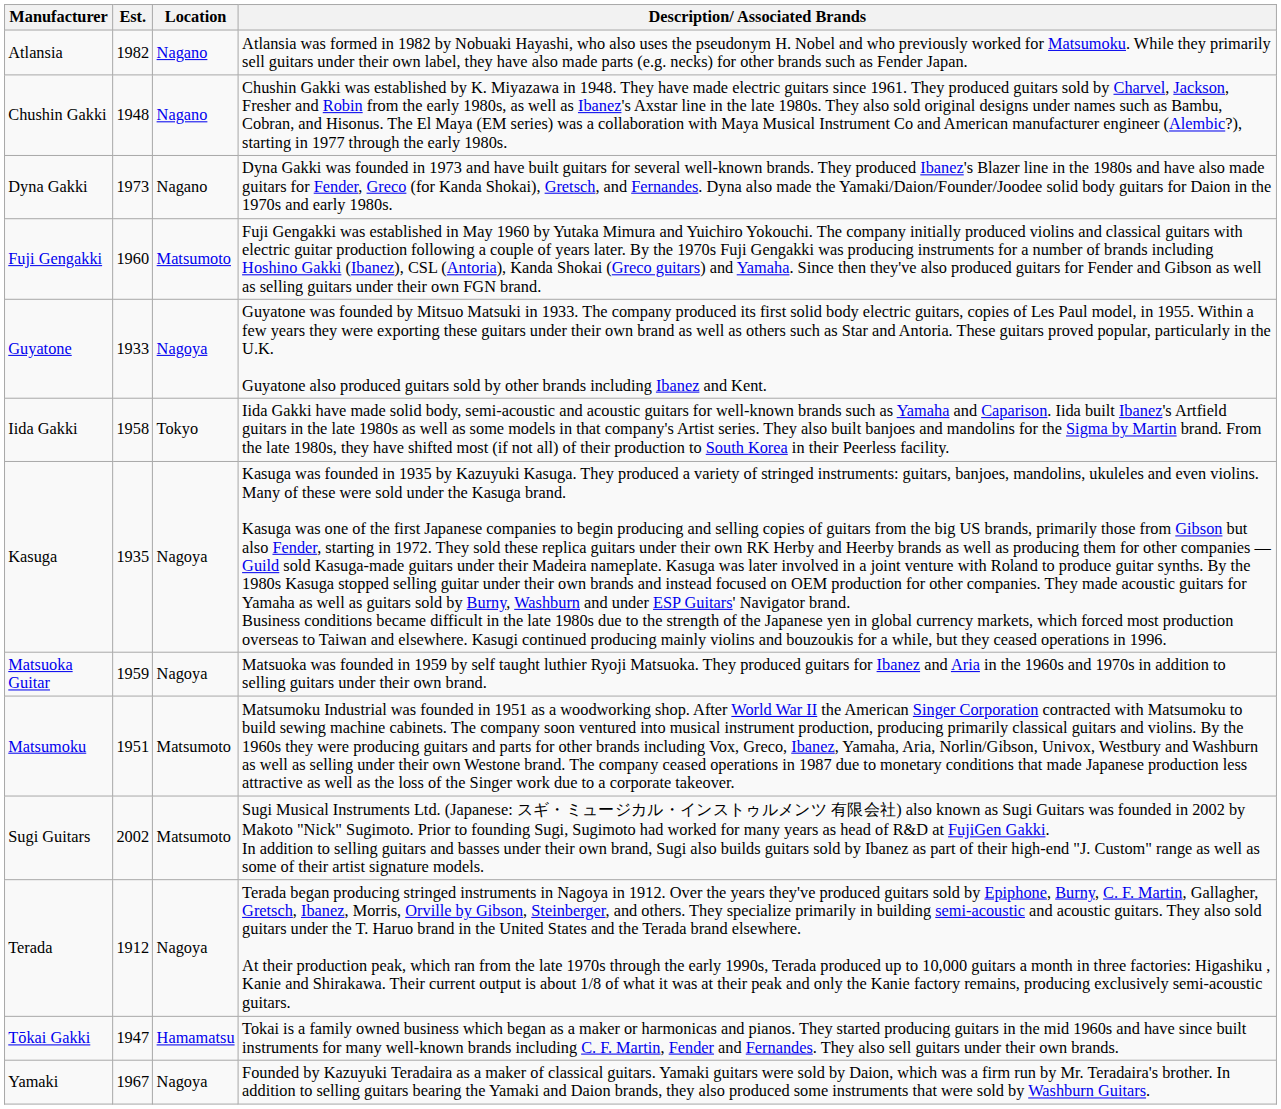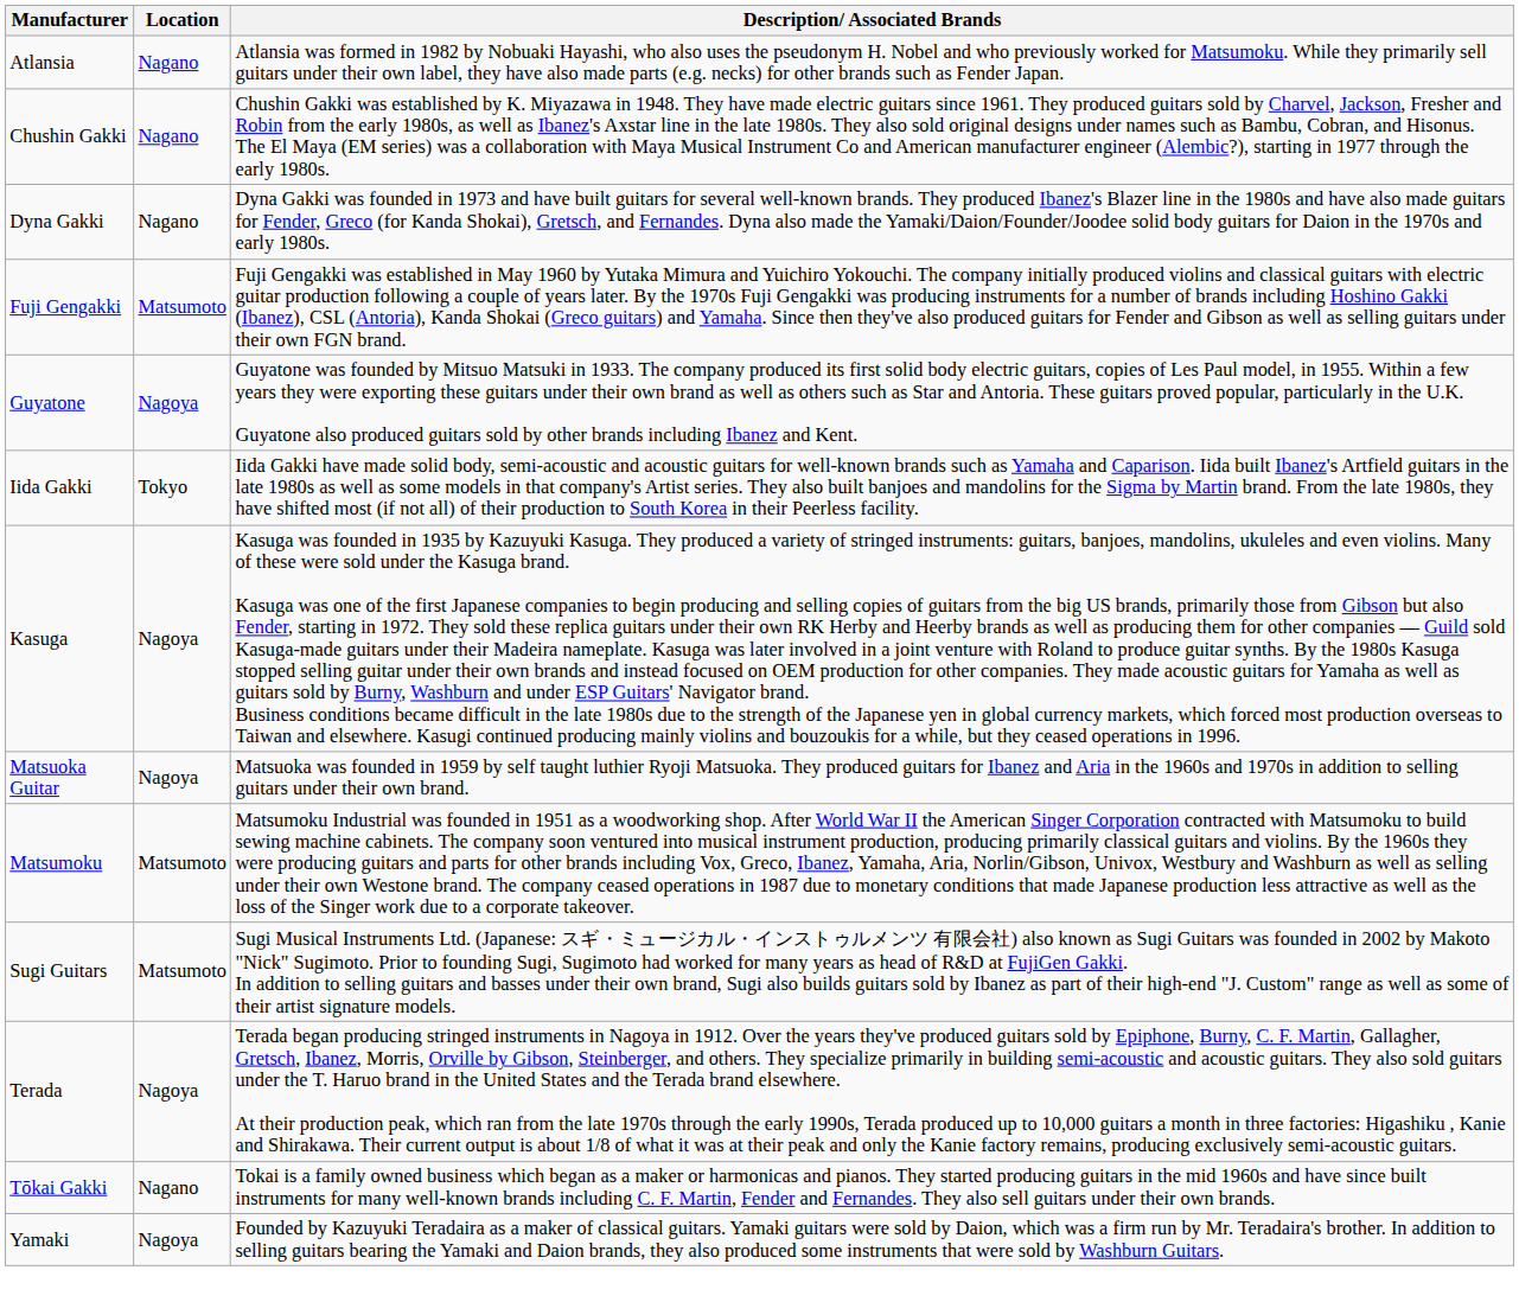 <table class="wikitable">
 <tr>
 <th>Manufacturer</th>
-<th>Est.</th>
 <th>Location</th>
 <th>Description/ Associated Brands</th>
 </tr>
 <tr>
 <td>Atlansia</td>
-<td>1982</td>
 <td><a href='#'>Nagano</a></td>
 <td>Atlansia was formed in 1982 by Nobuaki Hayashi, who also uses the pseudonym H. Nobel and who previously worked for <a href='#'>Matsumoku</a>. While they primarily sell guitars under their own label, they have also made parts (e.g. necks) for other brands such as Fender Japan.</td>
 </tr>
 <tr>
 <td>Chushin Gakki</td>
-<td>1948</td>
 <td><a href='#'>Nagano</a></td>
 <td>Chushin Gakki was established by K. Miyazawa in 1948. They have made electric guitars since 1961. They produced guitars sold by <a href='#'>Charvel</a>, <a href='#'>Jackson</a>, Fresher and <a href='#'>Robin</a> from the early 1980s, as well as <a href='#'>Ibanez</a>'s Axstar line in the late 1980s. They also sold original designs under names such as Bambu, Cobran, and Hisonus. The El Maya (EM series) was a collaboration with Maya Musical Instrument Co and American manufacturer engineer (<a href='#'>Alembic</a>?), starting in 1977 through the early 1980s.</td>
 </tr>
 <tr>
 <td>Dyna Gakki</td>
-<td>1973</td>
 <td>Nagano</td>
 <td>Dyna Gakki was founded in 1973 and have built guitars for several well-known brands. They produced <a href='#'>Ibanez</a>'s Blazer line in the 1980s and have also made guitars for <a href='#'>Fender</a>, <a href='#'>Greco</a> (for Kanda Shokai), <a href='#'>Gretsch</a>, and <a href='#'>Fernandes</a>. Dyna also made the Yamaki/Daion/Founder/Joodee solid body guitars for Daion in the 1970s and early 1980s.</td>
 </tr>
 <tr>
 <td><a href='#'>Fuji Gengakki</a></td>
-<td>1960</td>
 <td><a href='#'>Matsumoto</a></td>
 <td>Fuji Gengakki was established in May 1960 by Yutaka Mimura and Yuichiro Yokouchi. The company initially produced violins and classical guitars with electric guitar production following a couple of years later. By the 1970s Fuji Gengakki was producing instruments for a number of brands including <a href='#'>Hoshino Gakki</a> (<a href='#'>Ibanez</a>), CSL (<a href='#'>Antoria</a>), Kanda Shokai (<a href='#'>Greco guitars</a>) and <a href='#'>Yamaha</a>. Since then they've also produced guitars for Fender and Gibson as well as selling guitars under their own FGN brand.</td>
 </tr>
 <tr>
 <td><a href='#'>Guyatone</a></td>
-<td>1933</td>
 <td><a href='#'>Nagoya</a></td>
 <td>Guyatone was founded by Mitsuo Matsuki in 1933. The company produced its first solid body electric guitars, copies of Les Paul model, in 1955. Within a few years they were exporting these guitars under their own brand as well as others such as Star and Antoria. These guitars proved popular, particularly in the U.K.<br><br>Guyatone also produced guitars sold by other brands including <a href='#'>Ibanez</a> and Kent.</td>
 </tr>
 <tr>
 <td>Iida Gakki</td>
-<td>1958</td>
 <td>Tokyo</td>
 <td>Iida Gakki have made solid body, semi-acoustic and acoustic guitars for well-known brands such as <a href='#'>Yamaha</a> and <a href='#'>Caparison</a>. Iida built <a href='#'>Ibanez</a>'s Artfield guitars in the late 1980s as well as some models in that company's Artist series. They also built banjoes and mandolins for the <a href='#'>Sigma by Martin</a> brand. From the late 1980s, they have shifted most (if not all) of their production to <a href='#'>South Korea</a> in their Peerless facility.</td>
 </tr>
 <tr>
 <td>Kasuga</td>
-<td>1935</td>
 <td>Nagoya</td>
 <td>Kasuga was founded in 1935 by Kazuyuki Kasuga. They produced a variety of stringed instruments: guitars, banjoes, mandolins, ukuleles and even violins. Many of these were sold under the Kasuga brand.<br><br>Kasuga was one of the first Japanese companies to begin producing and selling copies of guitars from the big US brands, primarily those from <a href='#'>Gibson</a> but also <a href='#'>Fender</a>, starting in 1972. They sold these replica guitars under their own RK Herby and Heerby brands as well as producing them for other companies — <a href='#'>Guild</a> sold Kasuga-made guitars under their Madeira nameplate. Kasuga was later involved in a joint venture with Roland to produce guitar synths. By the 1980s Kasuga stopped selling guitar under their own brands and instead focused on OEM production for other companies. They made acoustic guitars for Yamaha as well as guitars sold by <a href='#'>Burny</a>, <a href='#'>Washburn</a> and under <a href='#'>ESP Guitars</a>' Navigator brand.<br> Business conditions became difficult in the late 1980s due to the strength of the Japanese yen in global currency markets, which forced most production overseas to Taiwan and elsewhere. Kasugi continued producing mainly violins and bouzoukis for a while, but they ceased operations in 1996.</td>
 </tr>
 <tr>
 <td><a href='#'>Matsuoka Guitar</a></td>
-<td>1959</td>
 <td>Nagoya</td>
 <td>Matsuoka was founded in 1959 by self taught luthier Ryoji Matsuoka. They produced guitars for <a href='#'>Ibanez</a> and <a href='#'>Aria</a> in the 1960s and 1970s in addition to selling guitars under their own brand.</td>
 </tr>
 <tr>
 <td><a href='#'>Matsumoku</a></td>
-<td>1951</td>
 <td>Matsumoto</td>
 <td>Matsumoku Industrial was founded in 1951 as a woodworking shop. After <a href='#'>World War II</a> the American <a href='#'>Singer Corporation</a> contracted with Matsumoku to build sewing machine cabinets. The company soon ventured into musical instrument production, producing primarily classical guitars and violins. By the 1960s they were producing guitars and parts for other brands including Vox, Greco, <a href='#'>Ibanez</a>, Yamaha, Aria, Norlin/Gibson, Univox, Westbury and Washburn as well as selling under their own Westone brand. The company ceased operations in 1987 due to monetary conditions that made Japanese production less attractive as well as the loss of the Singer work due to a corporate takeover.</td>
 </tr>
 <tr>
 <td>Sugi Guitars</td>
-<td>2002</td>
 <td>Matsumoto</td>
 <td>Sugi Musical Instruments Ltd. (Japanese: スギ・ミュージカル・インストゥルメンツ 有限会社) also known as Sugi Guitars was founded in 2002 by Makoto "Nick" Sugimoto. Prior to founding Sugi, Sugimoto had worked for many years as head of R&D at <a href='#'>FujiGen Gakki</a>.<br>In addition to selling guitars and basses under their own brand, Sugi also builds guitars sold by Ibanez as part of their high-end "J. Custom" range as well as some of their artist signature models.</td>
 </tr>
 <tr>
 <td>Terada</td>
-<td>1912</td>
 <td>Nagoya</td>
 <td>Terada began producing stringed instruments in Nagoya in 1912. Over the years they've produced guitars sold by <a href='#'>Epiphone</a>, <a href='#'>Burny</a>, <a href='#'>C. F. Martin</a>, Gallagher, <a href='#'>Gretsch</a>, <a href='#'>Ibanez</a>, Morris, <a href='#'>Orville by Gibson</a>, <a href='#'>Steinberger</a>, and others. They specialize primarily in building <a href='#'>semi-acoustic</a> and acoustic guitars. They also sold guitars under the T. Haruo brand in the United States and the Terada brand elsewhere.<br><br>At their production peak, which ran from the late 1970s through the early 1990s, Terada produced up to 10,000 guitars a month in three factories:  Higashiku , Kanie and Shirakawa. Their current output is about 1/8 of what it was at their peak and only the Kanie factory remains, producing exclusively semi-acoustic guitars.</td>
 </tr>
 <tr>
 <td><a href='#'>Tōkai Gakki</a></td>
-<td>1947</td>
-<td><a href='#'>Hamamatsu</a></td>
+<td>Nagano</td>
 <td>Tokai is a family owned business which began as a maker or harmonicas and pianos. They started producing guitars in the mid 1960s and have since built instruments for many well-known brands including <a href='#'>C. F. Martin</a>, <a href='#'>Fender</a> and <a href='#'>Fernandes</a>. They also sell guitars under their own brands.</td>
 </tr>
 <tr>
 <td>Yamaki</td>
-<td>1967</td>
 <td>Nagoya</td>
 <td>Founded by Kazuyuki Teradaira as a maker of classical guitars. Yamaki guitars were sold by Daion, which was a firm run by Mr. Teradaira's brother. In addition to selling guitars bearing the Yamaki and Daion brands, they also produced some instruments that were sold by <a href='#'>Washburn Guitars</a>.</td>
 </tr>
 </table>
